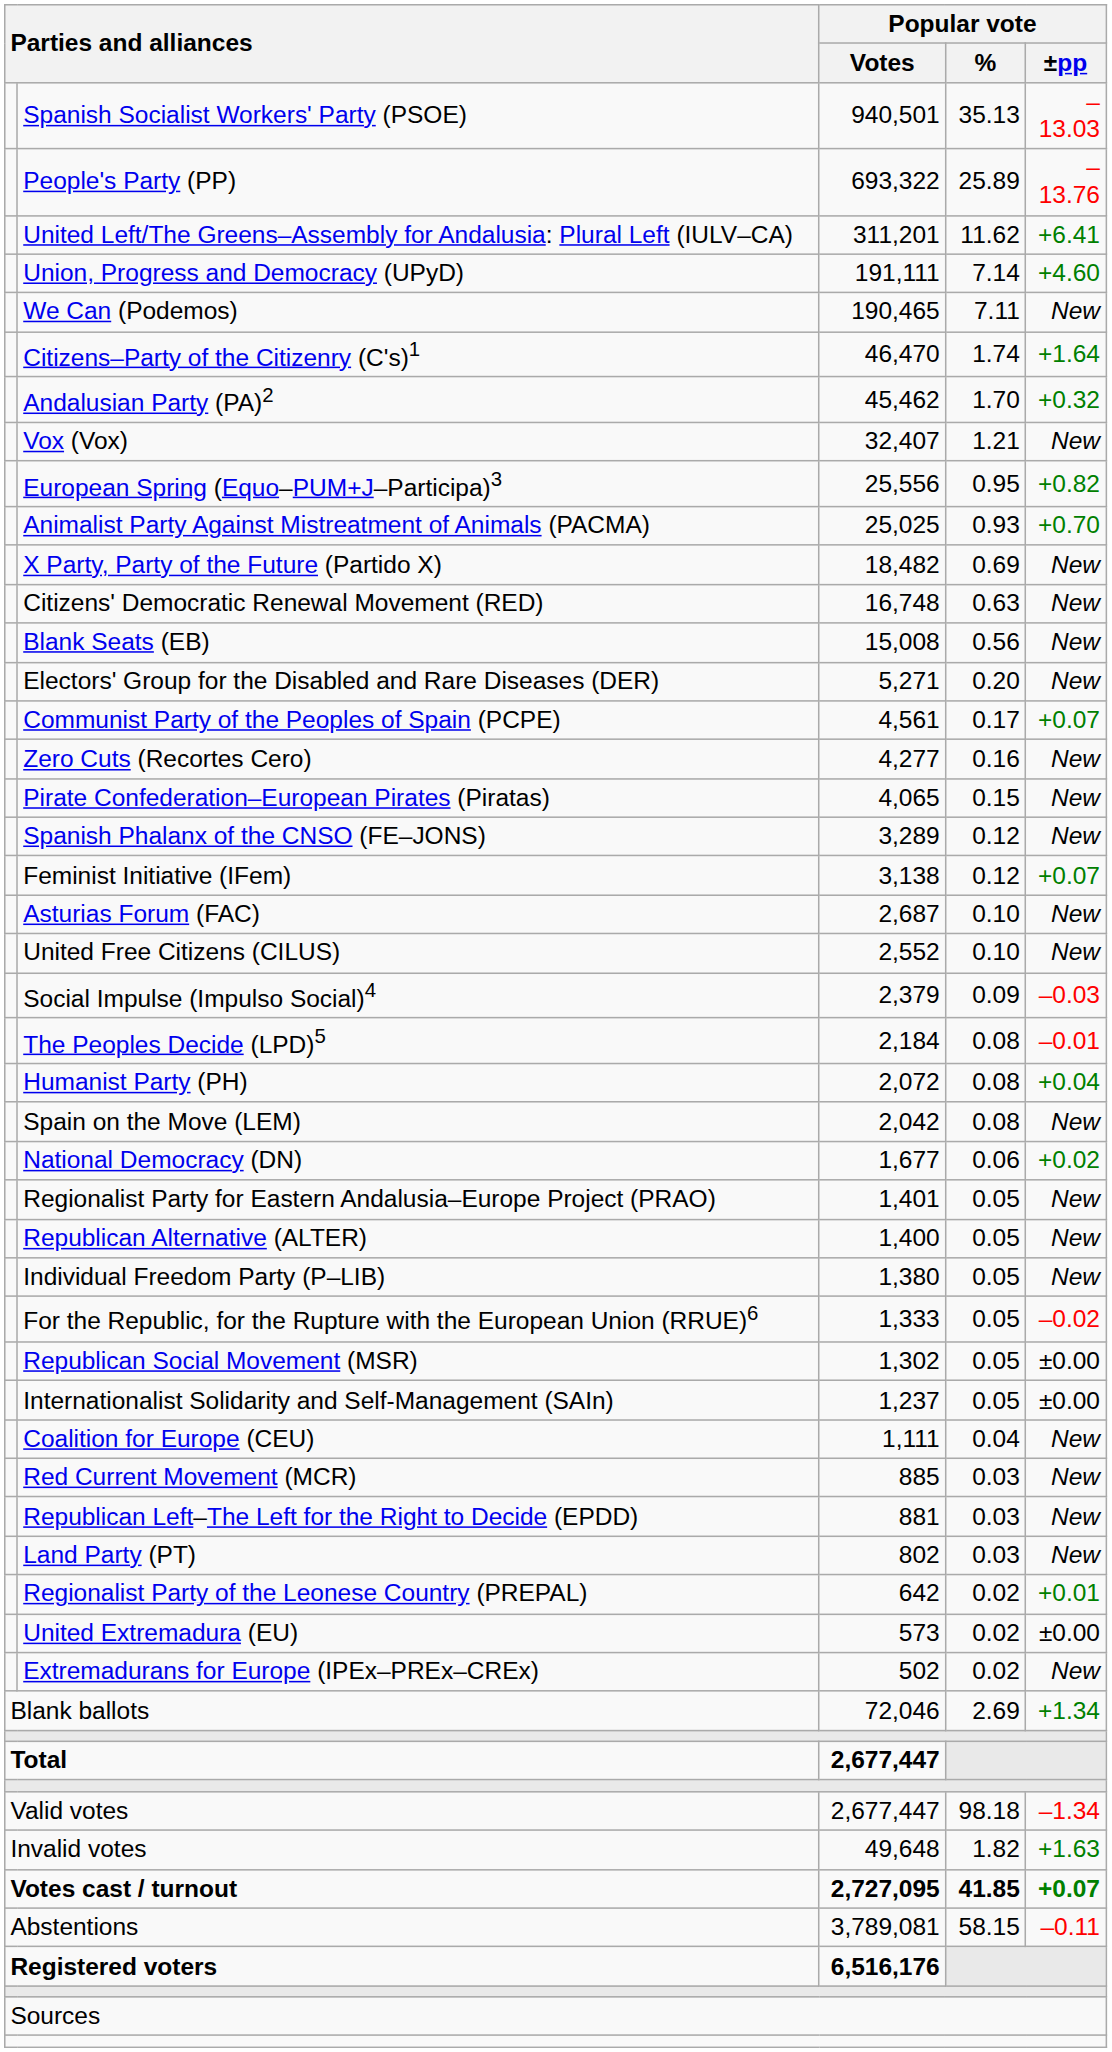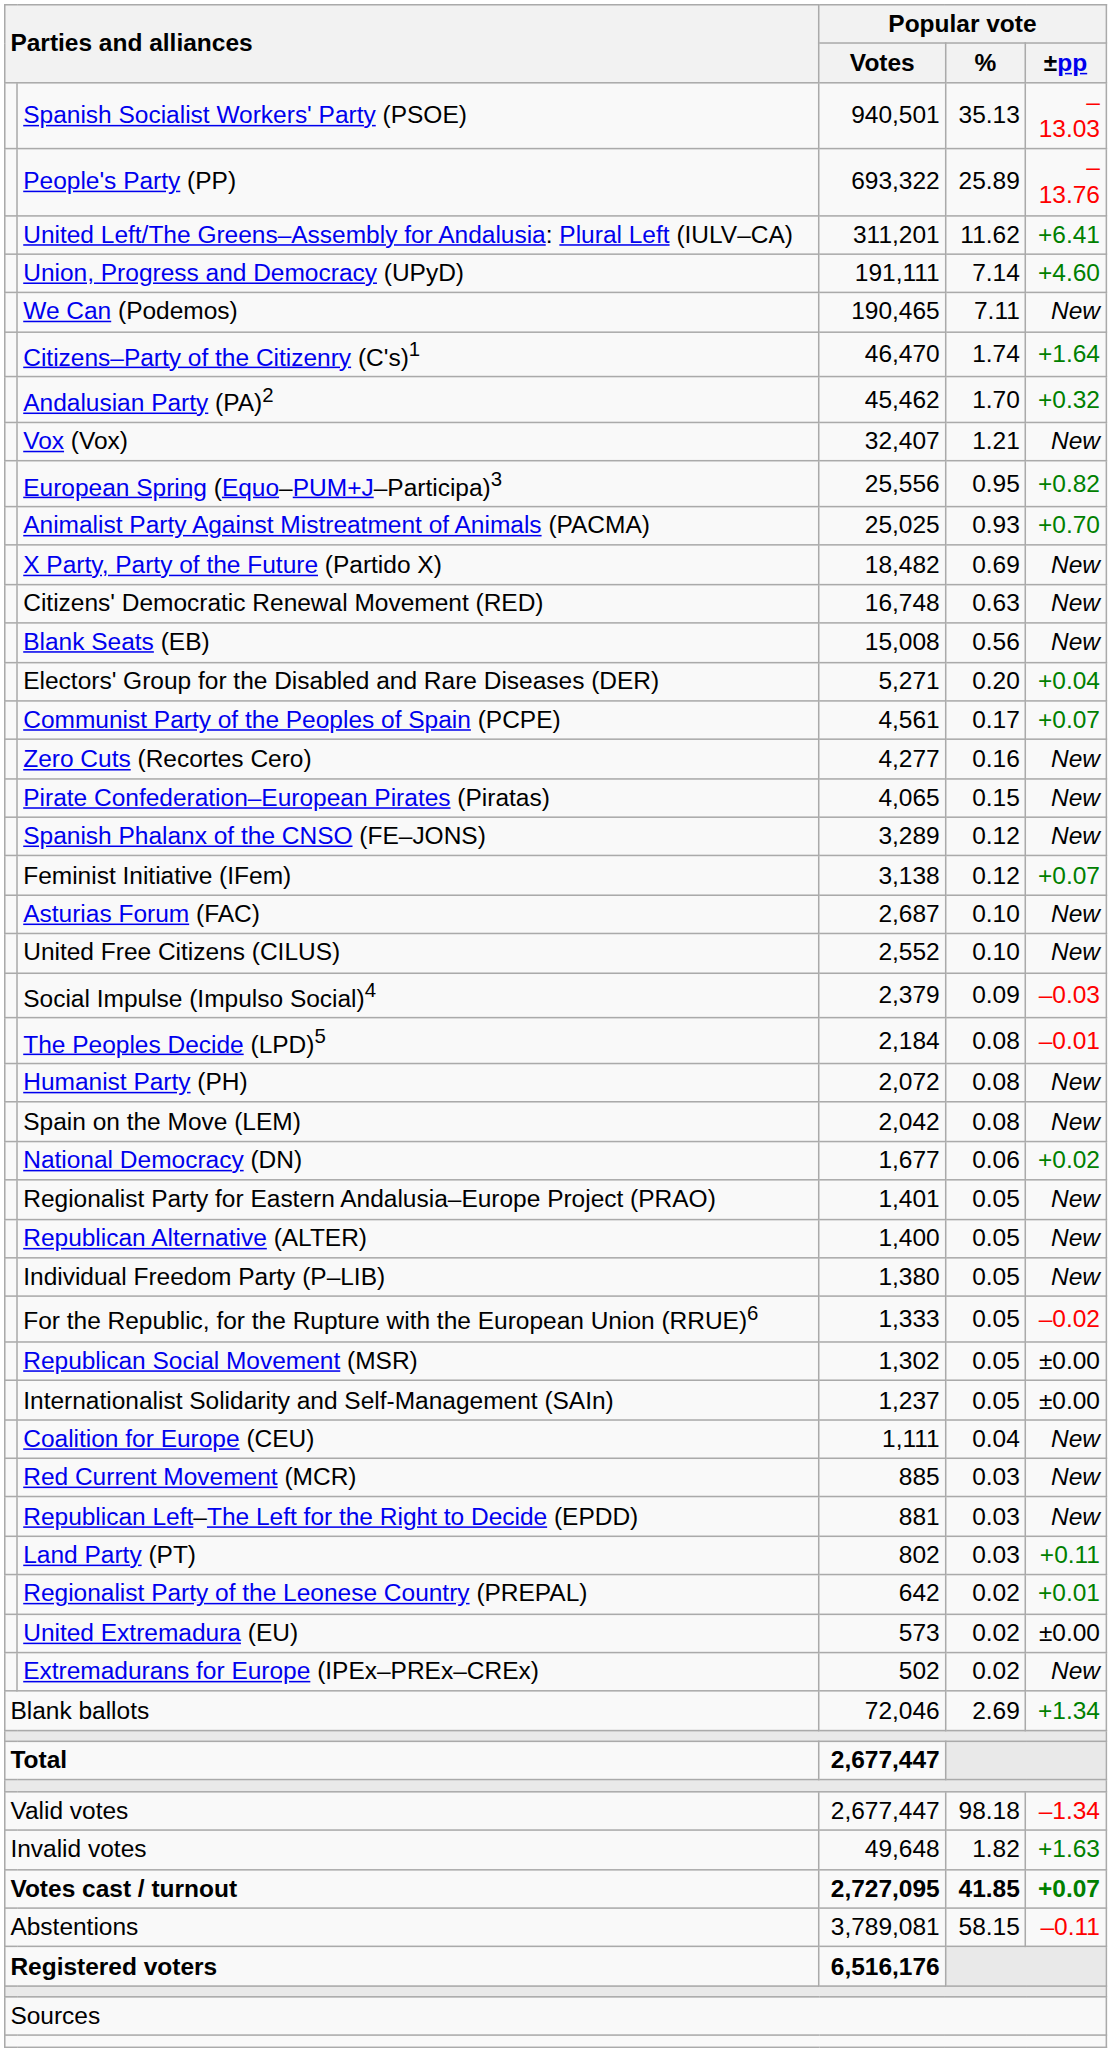 <table class="wikitable" style="text-align:right">
 <tr>
 <th style="text-align:left;" rowspan="2" colspan="2" width="525">Parties and alliances</th>
 <th colspan="3">Popular vote</th>
 </tr>
 <tr>
 <th width="75">Votes</th>
 <th width="45">%</th>
 <th width="45">±<a href='#'>pp</a></th>
 </tr>
 <tr>
 <td width="1" style="color:inherit;background:"></td>
 <td align="left"><a href='#'>Spanish Socialist Workers' Party</a> (PSOE)</td>
 <td>940,501</td>
 <td>35.13</td>
 <td style="color:red;">–13.03</td>
 </tr>
 <tr>
 <td style="color:inherit;background:"></td>
 <td align="left"><a href='#'>People's Party</a> (PP)</td>
 <td>693,322</td>
 <td>25.89</td>
 <td style="color:red;">–13.76</td>
 </tr>
 <tr>
 <td style="color:inherit;background:"></td>
 <td align="left"><a href='#'>United Left/The Greens–Assembly for Andalusia</a>: <a href='#'>Plural Left</a> (IULV–CA)</td>
 <td>311,201</td>
 <td>11.62</td>
 <td style="color:green;">+6.41</td>
 </tr>
 <tr>
 <td style="color:inherit;background:"></td>
 <td align="left"><a href='#'>Union, Progress and Democracy</a> (UPyD)</td>
 <td>191,111</td>
 <td>7.14</td>
 <td style="color:green;">+4.60</td>
 </tr>
 <tr>
 <td style="color:inherit;background:"></td>
 <td align="left"><a href='#'>We Can</a> (Podemos)</td>
 <td>190,465</td>
 <td>7.11</td>
 <td><em>New</em></td>
 </tr>
 <tr>
 <td style="color:inherit;background:"></td>
 <td align="left"><a href='#'>Citizens–Party of the Citizenry</a> (C's)<sup>1</sup></td>
 <td>46,470</td>
 <td>1.74</td>
 <td style="color:green;">+1.64</td>
 </tr>
 <tr>
 <td style="color:inherit;background:"></td>
 <td align="left"><a href='#'>Andalusian Party</a> (PA)<sup>2</sup></td>
 <td>45,462</td>
 <td>1.70</td>
 <td style="color:green;">+0.32</td>
 </tr>
 <tr>
 <td style="color:inherit;background:"></td>
 <td align="left"><a href='#'>Vox</a> (Vox)</td>
 <td>32,407</td>
 <td>1.21</td>
 <td><em>New</em></td>
 </tr>
 <tr>
 <td style="color:inherit;background:"></td>
 <td align="left"><a href='#'>European Spring</a> (<a href='#'>Equo</a>–<a href='#'>PUM+J</a>–Participa)<sup>3</sup></td>
 <td>25,556</td>
 <td>0.95</td>
 <td style="color:green;">+0.82</td>
 </tr>
 <tr>
 <td style="color:inherit;background:"></td>
 <td align="left"><a href='#'>Animalist Party Against Mistreatment of Animals</a> (PACMA)</td>
 <td>25,025</td>
 <td>0.93</td>
 <td style="color:green;">+0.70</td>
 </tr>
 <tr>
 <td style="color:inherit;background:"></td>
 <td align="left"><a href='#'>X Party, Party of the Future</a> (Partido X)</td>
 <td>18,482</td>
 <td>0.69</td>
 <td><em>New</em></td>
 </tr>
 <tr>
 <td style="color:inherit;background:"></td>
 <td align="left">Citizens' Democratic Renewal Movement (RED)</td>
 <td>16,748</td>
 <td>0.63</td>
 <td><em>New</em></td>
 </tr>
 <tr>
 <td style="color:inherit;background:"></td>
 <td align="left"><a href='#'>Blank Seats</a> (EB)</td>
 <td>15,008</td>
 <td>0.56</td>
 <td><em>New</em></td>
 </tr>
 <tr>
 <td style="color:inherit;background:"></td>
 <td align="left">Electors' Group for the Disabled and Rare Diseases (DER)</td>
 <td>5,271</td>
 <td>0.20</td>
-<td><em>New</em></td>
+<td style="color:green;">+0.04</td>
 </tr>
 <tr>
 <td style="color:inherit;background:"></td>
 <td align="left"><a href='#'>Communist Party of the Peoples of Spain</a> (PCPE)</td>
 <td>4,561</td>
 <td>0.17</td>
 <td style="color:green;">+0.07</td>
 </tr>
 <tr>
 <td style="color:inherit;background:"></td>
 <td align="left"><a href='#'>Zero Cuts</a> (Recortes Cero)</td>
 <td>4,277</td>
 <td>0.16</td>
 <td><em>New</em></td>
 </tr>
 <tr>
 <td style="color:inherit;background:"></td>
 <td align="left"><a href='#'>Pirate Confederation–European Pirates</a> (Piratas)</td>
 <td>4,065</td>
 <td>0.15</td>
 <td><em>New</em></td>
 </tr>
 <tr>
 <td style="color:inherit;background:"></td>
 <td align="left"><a href='#'>Spanish Phalanx of the CNSO</a> (FE–JONS)</td>
 <td>3,289</td>
 <td>0.12</td>
 <td><em>New</em></td>
 </tr>
 <tr>
 <td style="color:inherit;background:"></td>
 <td align="left">Feminist Initiative (IFem)</td>
 <td>3,138</td>
 <td>0.12</td>
 <td style="color:green;">+0.07</td>
 </tr>
 <tr>
 <td style="color:inherit;background:"></td>
 <td align="left"><a href='#'>Asturias Forum</a> (FAC)</td>
 <td>2,687</td>
 <td>0.10</td>
 <td><em>New</em></td>
 </tr>
 <tr>
 <td style="color:inherit;background:"></td>
 <td align="left">United Free Citizens (CILUS)</td>
 <td>2,552</td>
 <td>0.10</td>
 <td><em>New</em></td>
 </tr>
 <tr>
 <td style="color:inherit;background:"></td>
 <td align="left">Social Impulse (Impulso Social)<sup>4</sup></td>
 <td>2,379</td>
 <td>0.09</td>
 <td style="color:red;">–0.03</td>
 </tr>
 <tr>
 <td style="color:inherit;background:"></td>
 <td align="left"><a href='#'>The Peoples Decide</a> (LPD)<sup>5</sup></td>
 <td>2,184</td>
 <td>0.08</td>
 <td style="color:red;">–0.01</td>
 </tr>
 <tr>
 <td style="color:inherit;background:"></td>
 <td align="left"><a href='#'>Humanist Party</a> (PH)</td>
 <td>2,072</td>
 <td>0.08</td>
-<td style="color:green;">+0.04</td>
+<td><em>New</em></td>
 </tr>
 <tr>
 <td style="color:inherit;background:"></td>
 <td align="left">Spain on the Move (LEM)</td>
 <td>2,042</td>
 <td>0.08</td>
 <td><em>New</em></td>
 </tr>
 <tr>
 <td style="color:inherit;background:"></td>
 <td align="left"><a href='#'>National Democracy</a> (DN)</td>
 <td>1,677</td>
 <td>0.06</td>
 <td style="color:green;">+0.02</td>
 </tr>
 <tr>
 <td style="color:inherit;background:"></td>
 <td align="left">Regionalist Party for Eastern Andalusia–Europe Project (PRAO)</td>
 <td>1,401</td>
 <td>0.05</td>
 <td><em>New</em></td>
 </tr>
 <tr>
 <td style="color:inherit;background:"></td>
 <td align="left"><a href='#'>Republican Alternative</a> (ALTER)</td>
 <td>1,400</td>
 <td>0.05</td>
 <td><em>New</em></td>
 </tr>
 <tr>
 <td style="color:inherit;background:"></td>
 <td align="left">Individual Freedom Party (P–LIB)</td>
 <td>1,380</td>
 <td>0.05</td>
 <td><em>New</em></td>
 </tr>
 <tr>
 <td style="color:inherit;background:"></td>
 <td align="left">For the Republic, for the Rupture with the European Union (RRUE)<sup>6</sup></td>
 <td>1,333</td>
 <td>0.05</td>
 <td style="color:red;">–0.02</td>
 </tr>
 <tr>
 <td style="color:inherit;background:"></td>
 <td align="left"><a href='#'>Republican Social Movement</a> (MSR)</td>
 <td>1,302</td>
 <td>0.05</td>
 <td>±0.00</td>
 </tr>
 <tr>
 <td style="color:inherit;background:"></td>
 <td align="left">Internationalist Solidarity and Self-Management (SAIn)</td>
 <td>1,237</td>
 <td>0.05</td>
 <td>±0.00</td>
 </tr>
 <tr>
 <td style="color:inherit;background:"></td>
 <td align="left"><a href='#'>Coalition for Europe</a> (CEU)</td>
 <td>1,111</td>
 <td>0.04</td>
 <td><em>New</em></td>
 </tr>
 <tr>
 <td style="color:inherit;background:"></td>
 <td align="left"><a href='#'>Red Current Movement</a> (MCR)</td>
 <td>885</td>
 <td>0.03</td>
 <td><em>New</em></td>
 </tr>
 <tr>
 <td style="color:inherit;background:"></td>
 <td align="left"><a href='#'>Republican Left</a>–<a href='#'>The Left for the Right to Decide</a> (EPDD)</td>
 <td>881</td>
 <td>0.03</td>
 <td><em>New</em></td>
 </tr>
 <tr>
 <td style="color:inherit;background:"></td>
 <td align="left"><a href='#'>Land Party</a> (PT)</td>
 <td>802</td>
 <td>0.03</td>
-<td><em>New</em></td>
+<td style="color:green;">+0.11</td>
 </tr>
 <tr>
 <td style="color:inherit;background:"></td>
 <td align="left"><a href='#'>Regionalist Party of the Leonese Country</a> (PREPAL)</td>
 <td>642</td>
 <td>0.02</td>
 <td style="color:green;">+0.01</td>
 </tr>
 <tr>
 <td style="color:inherit;background:"></td>
 <td align="left"><a href='#'>United Extremadura</a> (EU)</td>
 <td>573</td>
 <td>0.02</td>
 <td>±0.00</td>
 </tr>
 <tr>
 <td style="color:inherit;background:"></td>
 <td align="left"><a href='#'>Extremadurans for Europe</a> (IPEx–PREx–CREx)</td>
 <td>502</td>
 <td>0.02</td>
 <td><em>New</em></td>
 </tr>
 <tr>
 <td align="left" colspan="2">Blank ballots</td>
 <td>72,046</td>
 <td>2.69</td>
 <td style="color:green;">+1.34</td>
 </tr>
 <tr>
 <td colspan="5" bgcolor="#E9E9E9"></td>
 </tr>
 <tr style="font-weight:bold;">
 <td align="left" colspan="2">Total</td>
 <td>2,677,447</td>
 <td bgcolor="#E9E9E9" colspan="2"></td>
 </tr>
 <tr>
 <td colspan="5" bgcolor="#E9E9E9"></td>
 </tr>
 <tr>
 <td align="left" colspan="2">Valid votes</td>
 <td>2,677,447</td>
 <td>98.18</td>
 <td style="color:red;">–1.34</td>
 </tr>
 <tr>
 <td align="left" colspan="2">Invalid votes</td>
 <td>49,648</td>
 <td>1.82</td>
 <td style="color:green;">+1.63</td>
 </tr>
 <tr style="font-weight:bold;">
 <td align="left" colspan="2">Votes cast / turnout</td>
 <td>2,727,095</td>
 <td>41.85</td>
 <td style="color:green;">+0.07</td>
 </tr>
 <tr>
 <td align="left" colspan="2">Abstentions</td>
 <td>3,789,081</td>
 <td>58.15</td>
 <td style="color:red;">–0.11</td>
 </tr>
 <tr style="font-weight:bold;">
 <td align="left" colspan="2">Registered voters</td>
 <td>6,516,176</td>
 <td bgcolor="#E9E9E9" colspan="2"></td>
 </tr>
 <tr>
 <td colspan="5" bgcolor="#E9E9E9"></td>
 </tr>
 <tr>
 <td align="left" colspan="5">Sources</td>
 </tr>
 <tr>
 <td colspan="5" style="text-align:left; max-width:680px;"></td>
 </tr>
 </table>
